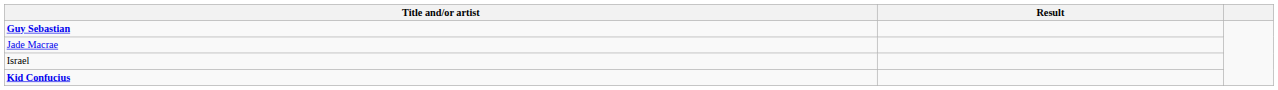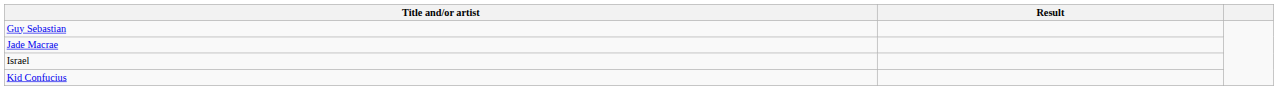 <table class="wikitable" width="100%">
 <tr>
 <th scope="col">Title and/or artist</th>
 <th scope="col">Result</th>
 <th scope="col"></th>
 </tr>
 <tr>
-<td><strong><a href='#'>Guy Sebastian</a></strong></td>
+<td><a href='#'>Guy Sebastian</a></td>
 <td></td>
 <td rowspan="4"></td>
 </tr>
 <tr>
 <td><a href='#'>Jade Macrae</a></td>
 <td></td>
 </tr>
 <tr>
 <td>Israel</td>
 <td></td>
 </tr>
 <tr>
-<td><strong><a href='#'>Kid Confucius</a></strong></td>
+<td><a href='#'>Kid Confucius</a></td>
 <td></td>
 </tr>
 </table>
